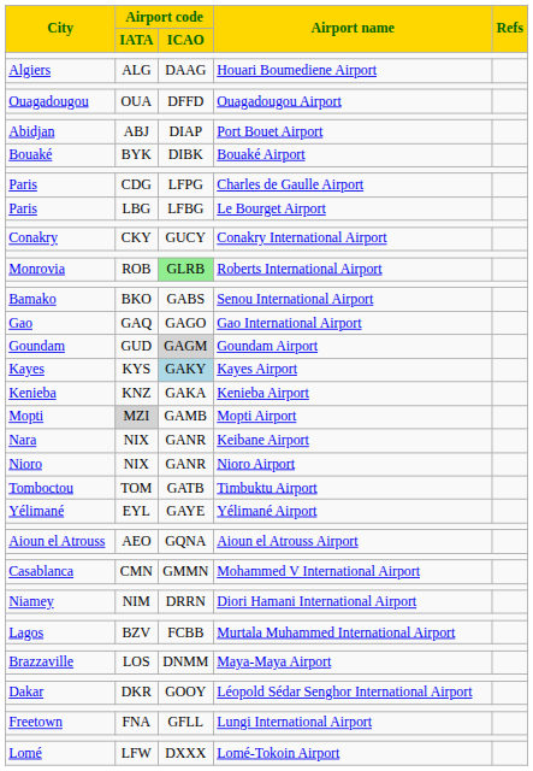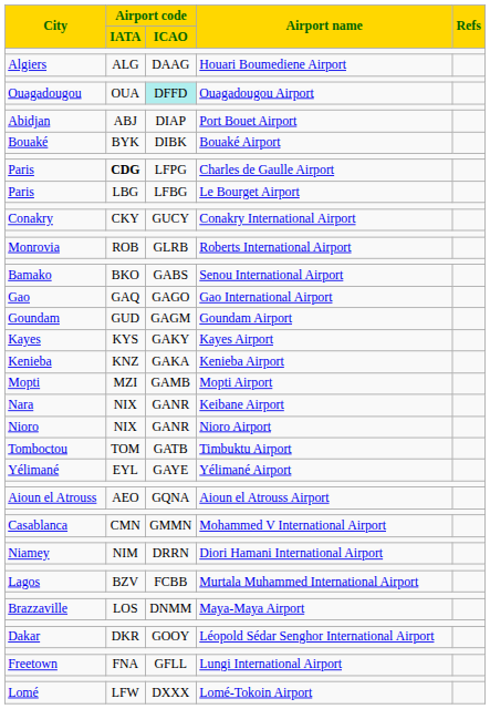 <table class="wikitable" style="font-size: 85%" width="500">
 <tr>
 <th style="background: #FFD700; color: #006600" rowspan="2">City</th>
 <th style="background: #FFD700; color: #006600" colspan="2">Airport code</th>
 <th style="background: #FFD700; color: #006600" rowspan="2">Airport name</th>
 <th style="background: #FFD700; color: #006600" rowspan="2">Refs</th>
 </tr>
 <tr>
 <th style="background: #FFD700; color: #006600">IATA</th>
 <th style="background: #FFD700; color: #006600">ICAO</th>
 </tr>
 <tr>
 <td colspan="6"><strong></strong></td>
 </tr>
 <tr>
 <td><a href='#'>Algiers</a></td>
 <td align=center>ALG</td>
 <td align=center>DAAG</td>
 <td><a href='#'>Houari Boumediene Airport</a></td>
 <td align=center></td>
 </tr>
 <tr>
 <td colspan="6"><strong></strong></td>
 </tr>
 <tr>
 <td><a href='#'>Ouagadougou</a></td>
 <td align=center>OUA</td>
-<td align=center>DFFD</td>
+<td align=center style="background: paleturquoise;">DFFD</td>
 <td><a href='#'>Ouagadougou Airport</a></td>
 <td align=center></td>
 </tr>
 <tr>
 <td colspan="6"><strong></strong></td>
 </tr>
 <tr>
 <td><a href='#'>Abidjan</a></td>
 <td align=center>ABJ</td>
 <td align=center>DIAP</td>
 <td><a href='#'>Port Bouet Airport</a></td>
 <td align=center></td>
 </tr>
 <tr>
 <td><a href='#'>Bouaké</a></td>
 <td align=center>BYK</td>
 <td align=center>DIBK</td>
 <td><a href='#'>Bouaké Airport</a></td>
 <td align=center></td>
 </tr>
 <tr>
 <td colspan="6"><strong></strong></td>
 </tr>
 <tr>
 <td><a href='#'>Paris</a></td>
-<td align=center>CDG</td>
+<td align=center><strong>CDG</strong></td>
 <td align=center>LFPG</td>
 <td><a href='#'>Charles de Gaulle Airport</a></td>
 <td align=center></td>
 </tr>
 <tr>
 <td><a href='#'>Paris</a></td>
 <td align=center>LBG</td>
 <td align=center>LFBG</td>
 <td><a href='#'>Le Bourget Airport</a></td>
 <td align=center></td>
 </tr>
 <tr>
 <td colspan="6"><strong></strong></td>
 </tr>
 <tr>
 <td><a href='#'>Conakry</a></td>
 <td align=center>CKY</td>
 <td align=center>GUCY</td>
 <td><a href='#'>Conakry International Airport</a></td>
 <td align=center></td>
 </tr>
 <tr>
 <td colspan="6"><strong></strong></td>
 </tr>
 <tr>
 <td><a href='#'>Monrovia</a></td>
 <td align=center>ROB</td>
-<td align=center style="background: lightgreen;">GLRB</td>
+<td align=center>GLRB</td>
 <td><a href='#'>Roberts International Airport</a></td>
 <td align=center></td>
 </tr>
 <tr>
 <td colspan="6"><strong></strong></td>
 </tr>
 <tr>
 <td><a href='#'>Bamako</a></td>
 <td align=center>BKO</td>
 <td align=center>GABS</td>
 <td><a href='#'>Senou International Airport</a></td>
 <td align=center></td>
 </tr>
 <tr>
 <td><a href='#'>Gao</a></td>
 <td align=center>GAQ</td>
 <td align=center>GAGO</td>
 <td><a href='#'>Gao International Airport</a></td>
 <td align=center></td>
 </tr>
 <tr>
 <td><a href='#'>Goundam</a></td>
 <td align=center>GUD</td>
-<td align=center style="background: lightgrey;">GAGM</td>
+<td align=center>GAGM</td>
 <td><a href='#'>Goundam Airport</a></td>
 <td align=center></td>
 </tr>
 <tr>
 <td><a href='#'>Kayes</a></td>
 <td align=center>KYS</td>
-<td align=center style="background: lightblue;">GAKY</td>
+<td align=center>GAKY</td>
 <td><a href='#'>Kayes Airport</a></td>
 <td align=center></td>
 </tr>
 <tr>
 <td><a href='#'>Kenieba</a></td>
 <td align=center>KNZ</td>
 <td align=center>GAKA</td>
 <td><a href='#'>Kenieba Airport</a></td>
 <td align=center></td>
 </tr>
 <tr>
 <td><a href='#'>Mopti</a></td>
-<td align=center style="background: lightgrey;">MZI</td>
+<td align=center>MZI</td>
 <td align=center>GAMB</td>
 <td><a href='#'>Mopti Airport</a></td>
 <td align=center></td>
 </tr>
 <tr>
 <td><a href='#'>Nara</a></td>
 <td align=center>NIX</td>
 <td align=center>GANR</td>
 <td><a href='#'>Keibane Airport</a></td>
 <td align=center></td>
 </tr>
 <tr>
 <td><a href='#'>Nioro</a></td>
 <td align=center>NIX</td>
 <td align=center>GANR</td>
 <td><a href='#'>Nioro Airport</a></td>
 <td align=center></td>
 </tr>
 <tr>
 <td><a href='#'>Tomboctou</a></td>
 <td align=center>TOM</td>
 <td align=center>GATB</td>
 <td><a href='#'>Timbuktu Airport</a></td>
 <td align=center></td>
 </tr>
 <tr>
 <td><a href='#'>Yélimané</a></td>
 <td align=center>EYL</td>
 <td align=center>GAYE</td>
 <td><a href='#'>Yélimané Airport</a></td>
 <td align=center></td>
 </tr>
 <tr>
 <td colspan="6"><strong></strong></td>
 </tr>
 <tr>
 <td><a href='#'>Aioun el Atrouss</a></td>
 <td align=center>AEO</td>
 <td align=center>GQNA</td>
 <td><a href='#'>Aioun el Atrouss Airport</a></td>
 <td align=center></td>
 </tr>
 <tr>
 <td colspan="6"><strong></strong></td>
 </tr>
 <tr>
 <td><a href='#'>Casablanca</a></td>
 <td align=center>CMN</td>
 <td align=center>GMMN</td>
 <td><a href='#'>Mohammed V International Airport</a></td>
 <td align=center></td>
 </tr>
 <tr>
 <td colspan="6"><strong></strong></td>
 </tr>
 <tr>
 <td><a href='#'>Niamey</a></td>
 <td align=center>NIM</td>
 <td align=center>DRRN</td>
 <td><a href='#'>Diori Hamani International Airport</a></td>
 <td align=center></td>
 </tr>
 <tr>
 <td colspan="6"><strong></strong></td>
 </tr>
 <tr>
 <td><a href='#'>Lagos</a></td>
 <td align=center>BZV</td>
 <td align=center>FCBB</td>
 <td><a href='#'>Murtala Muhammed International Airport</a></td>
 <td align=center></td>
 </tr>
 <tr>
 <td colspan="6"><strong></strong></td>
 </tr>
 <tr>
 <td><a href='#'>Brazzaville</a></td>
 <td align=center>LOS</td>
 <td align=center>DNMM</td>
 <td><a href='#'>Maya-Maya Airport</a></td>
 <td align=center></td>
 </tr>
 <tr>
 <td colspan="6"><strong></strong></td>
 </tr>
 <tr>
 <td><a href='#'>Dakar</a></td>
 <td align=center>DKR</td>
 <td align=center>GOOY</td>
 <td><a href='#'>Léopold Sédar Senghor International Airport</a></td>
 <td align=center></td>
 </tr>
 <tr>
 <td colspan="6"><strong></strong></td>
 </tr>
 <tr>
 <td><a href='#'>Freetown</a></td>
 <td align=center>FNA</td>
 <td align=center>GFLL</td>
 <td><a href='#'>Lungi International Airport</a></td>
 <td align=center></td>
 </tr>
 <tr>
 <td colspan="6"><strong></strong></td>
 </tr>
 <tr>
 <td><a href='#'>Lomé</a></td>
 <td align=center>LFW</td>
 <td align=center>DXXX</td>
 <td><a href='#'>Lomé-Tokoin Airport</a></td>
 <td align=center></td>
 </tr>
 </table>
